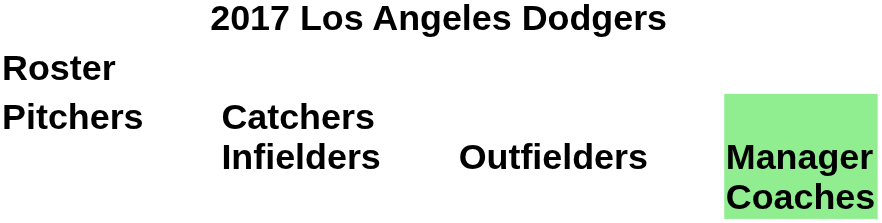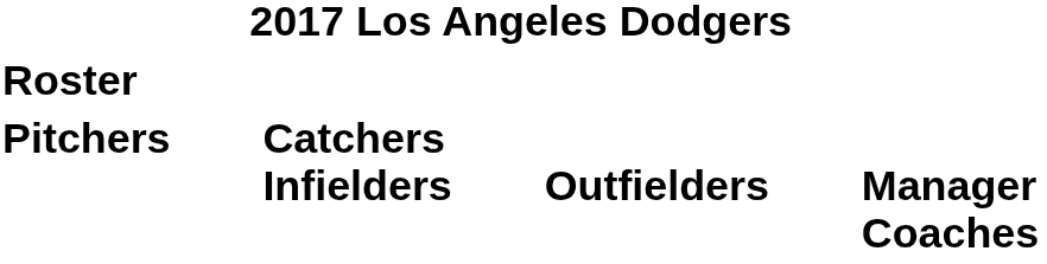 <table class="toccolours" style="font-size: 95%;">
 <tr>
 <th colspan="10">2017 Los Angeles Dodgers</th>
 </tr>
 <tr>
 <td colspan="10"><strong>Roster</strong></td>
 </tr>
 <tr>
 <td valign="top"><strong>Pitchers</strong><br>                         </td>
 <td width="25px"></td>
 <td valign="top"><strong>Catchers</strong><br>  <strong>Infielders</strong>          </td>
 <td width="25px"></td>
 <td valign="top"><br><strong>Outfielders</strong>              </td>
 <td width="25px"></td>
-<td valign="top" style="background: lightgreen;"><br><strong>Manager</strong> <br><strong>Coaches</strong>                      </td>
+<td valign="top"><br><strong>Manager</strong> <br><strong>Coaches</strong>                      </td>
 </tr>
 </table>
